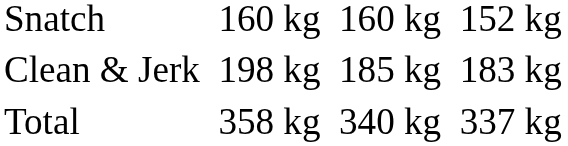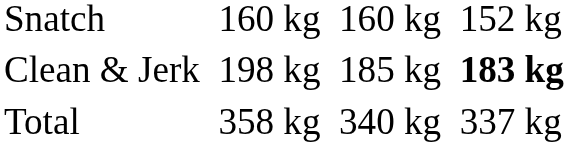 <table>
 <tr>
 <td>Snatch</td>
 <td></td>
 <td>160 kg</td>
 <td></td>
 <td>160 kg</td>
 <td></td>
 <td>152 kg</td>
 </tr>
 <tr>
 <td>Clean & Jerk</td>
 <td></td>
 <td>198 kg</td>
 <td></td>
 <td>185 kg</td>
 <td></td>
-<td>183 kg</td>
+<td><strong>183 kg</strong></td>
 </tr>
 <tr>
 <td>Total</td>
 <td></td>
 <td>358 kg</td>
 <td></td>
 <td>340 kg</td>
 <td></td>
 <td>337 kg</td>
 </tr>
 </table>
